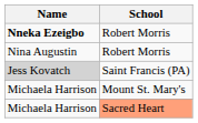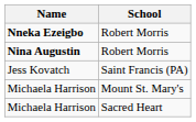 <table class="wikitable">
 <tr>
 <th>Name</th>
 <th>School</th>
 </tr>
 <tr>
 <td><strong>Nneka Ezeigbo</strong></td>
 <td>Robert Morris</td>
 </tr>
 <tr>
-<td>Nina Augustin</td>
+<td><strong>Nina Augustin</strong></td>
 <td>Robert Morris</td>
 </tr>
 <tr>
-<td style="background: lightgrey;">Jess Kovatch</td>
+<td>Jess Kovatch</td>
 <td>Saint Francis (PA)</td>
 </tr>
 <tr>
 <td>Michaela Harrison</td>
 <td>Mount St. Mary's</td>
 </tr>
 <tr>
 <td>Michaela Harrison</td>
-<td style="background: lightsalmon;">Sacred Heart</td>
+<td>Sacred Heart</td>
 </tr>
 </table>
